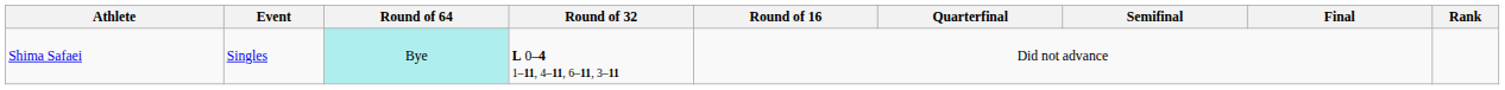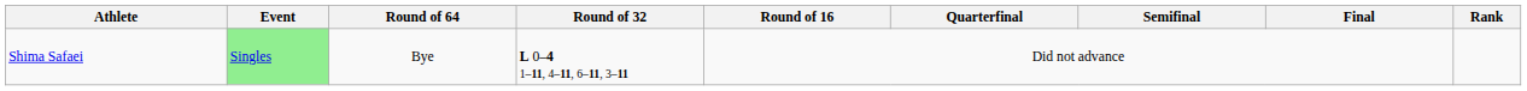 <table class="wikitable" width="98%" style="text-align:left; font-size:90%">
 <tr>
 <th width="13%">Athlete</th>
 <th width="6%">Event</th>
 <th width="11%">Round of 64</th>
 <th width="11%">Round of 32</th>
 <th width="11%">Round of 16</th>
 <th width="11%">Quarterfinal</th>
 <th width="11%">Semifinal</th>
 <th width="11%">Final</th>
 <th width="4%">Rank</th>
 </tr>
 <tr>
 <td><a href='#'>Shima Safaei</a></td>
-<td><a href='#'>Singles</a></td>
-<td align="center" style="background: paleturquoise;">Bye</td>
+<td style="background: lightgreen;"><a href='#'>Singles</a></td>
+<td align="center">Bye</td>
 <td><br><strong>L</strong> 0–<strong>4</strong><br><small>1–<strong>11</strong>, 4–<strong>11</strong>, 6–<strong>11</strong>, 3–<strong>11</strong></small></td>
 <td colspan="4" align="center">Did not advance</td>
 <td align="center"></td>
 </tr>
 </table>
